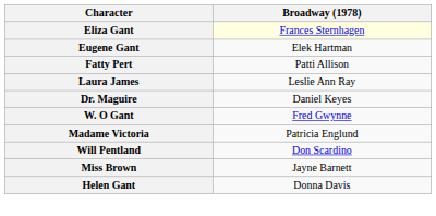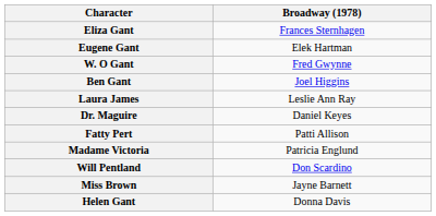 <table class="wikitable" style="width:50%; text-align:center">
 <tr>
 <th scope="col">Character</th>
 <th>Broadway (1978)</th>
 </tr>
 <tr>
 <th>Eliza Gant</th>
-<td colspan="1" style="background: lightyellow;"><a href='#'>Frances Sternhagen</a></td>
+<td colspan="1"><a href='#'>Frances Sternhagen</a></td>
 </tr>
 <tr>
 <th>Eugene Gant</th>
 <td colspan="1">Elek Hartman</td>
 </tr>
 <tr>
-<th>Fatty Pert</th>
-<td colspan="1">Patti Allison</td>
+<th>W. O Gant</th>
+<td colspan="1”"><a href='#'>Fred Gwynne</a></td>
+</tr>
+<tr>
+<th>Ben Gant</th>
+<td colspan="1"><a href='#'>Joel Higgins</a></td>
 </tr>
 <tr>
 <th>Laura James</th>
 <td colspan="1">Leslie Ann Ray</td>
 </tr>
 <tr>
 <th>Dr. Maguire</th>
 <td colspan="1">Daniel Keyes</td>
 </tr>
 <tr>
-<th>W. O Gant</th>
-<td colspan="1”"><a href='#'>Fred Gwynne</a></td>
+<th>Fatty Pert</th>
+<td colspan="1">Patti Allison</td>
 </tr>
 <tr>
 <th>Madame Victoria</th>
 <td colspan="1">Patricia Englund</td>
 </tr>
 <tr>
 <th>Will Pentland</th>
 <td colspan="1”"><a href='#'>Don Scardino</a></td>
 </tr>
 <tr>
 <th>Miss Brown</th>
 <td colspan="1">Jayne Barnett</td>
 </tr>
 <tr>
 <th>Helen Gant</th>
 <td colspan="1">Donna Davis</td>
 </tr>
 </table>
